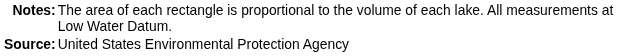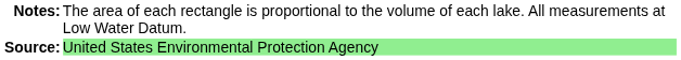 <table border="0" cellspacing="2" cellpadding="0" style="width:600px; font-size:smaller;">
 <tr>
 <td colspan=2><br></td>
 </tr>
 <tr valign=top>
 <th align=right>Notes:</th>
 <td>The area of each rectangle is proportional to the volume of each lake. All measurements at Low Water Datum.</td>
 </tr>
 <tr valign=top>
 <th align=right>Source:</th>
-<td>United States Environmental Protection Agency</td>
+<td style="background: lightgreen;">United States Environmental Protection Agency</td>
 </tr>
 </table>
